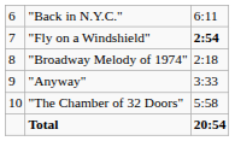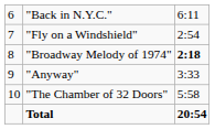 <table class="wikitable">
 <tr>
 <td>6</td>
 <td>"Back in N.Y.C."</td>
 <td>6:11</td>
 </tr>
 <tr>
 <td>7</td>
 <td>"Fly on a Windshield"</td>
-<td><strong>2:54</strong></td>
+<td>2:54</td>
 </tr>
 <tr>
 <td>8</td>
 <td>"Broadway Melody of 1974"</td>
-<td>2:18</td>
+<td><strong>2:18</strong></td>
 </tr>
 <tr>
 <td>9</td>
 <td>"Anyway"</td>
 <td>3:33</td>
 </tr>
 <tr>
 <td>10</td>
 <td>"The Chamber of 32 Doors"</td>
 <td>5:58</td>
 </tr>
 <tr>
 <td></td>
 <td><strong>Total</strong></td>
 <td><strong>20:54</strong></td>
 </tr>
 </table>
